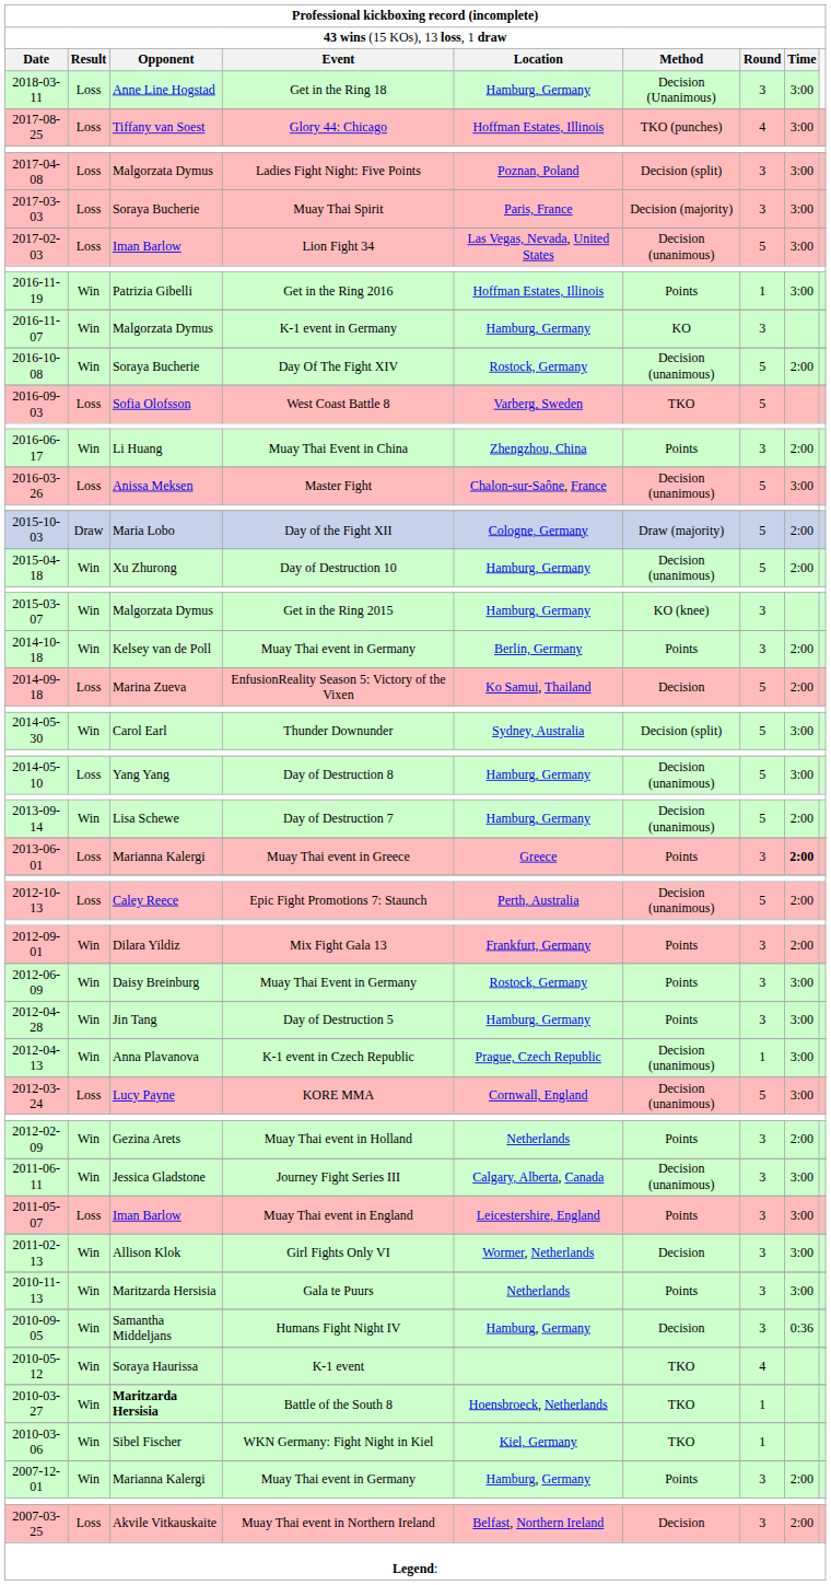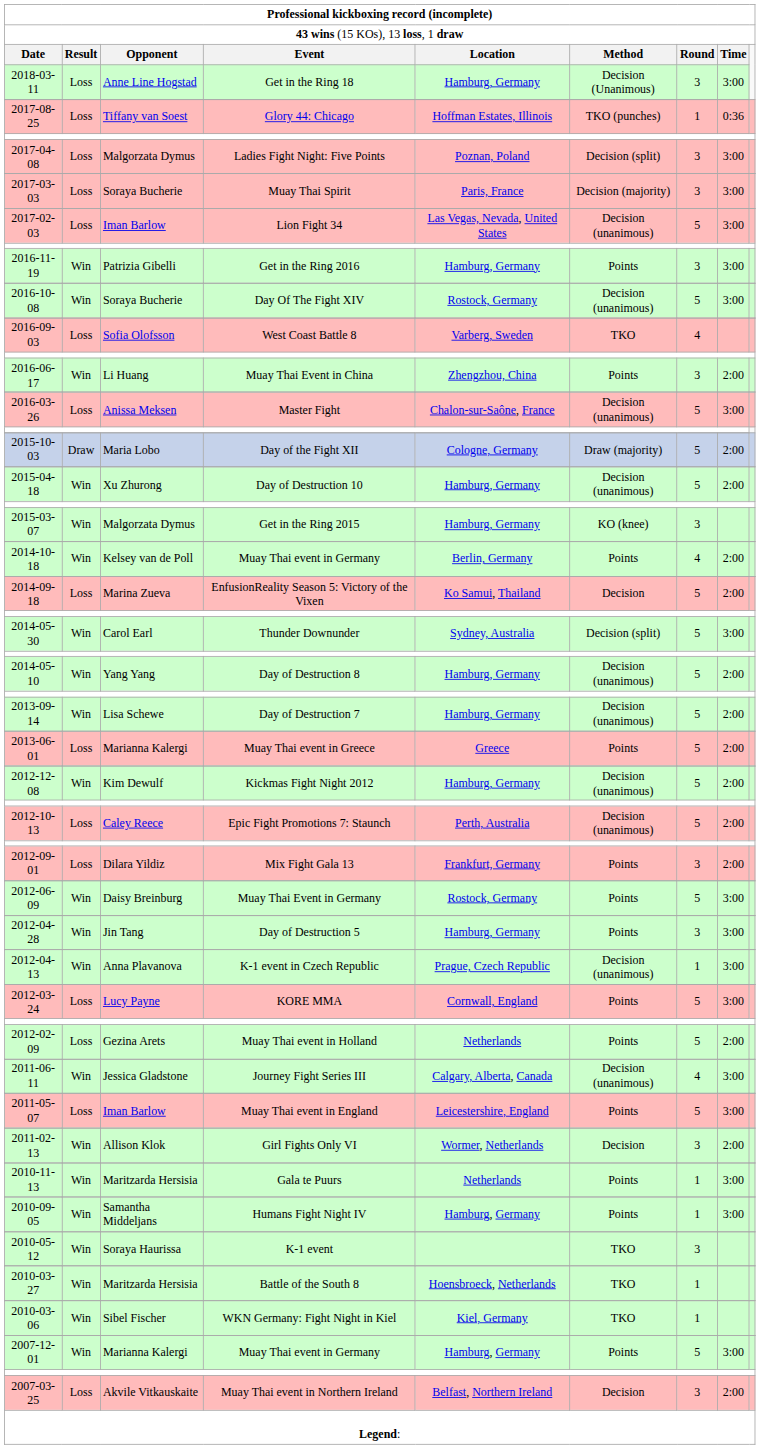 <table class="wikitable collapsible" style="font-size:88%; text-align:center; width:100%;">
 <tr>
 <th colspan=9 style="background:#fff">Professional kickboxing record (incomplete)</th>
 </tr>
 <tr>
 <td colspan=9 style="background:#fff"><strong>43 wins</strong> (15 KOs), 13 <strong>loss</strong>, 1 <strong>draw</strong></td>
 </tr>
 <tr>
 <th>Date</th>
 <th>Result</th>
 <th>Opponent</th>
 <th>Event</th>
 <th>Location</th>
 <th>Method</th>
 <th>Round</th>
 <th>Time</th>
 </tr>
 <tr style="text-align:center; background:#cfc;">
 <td>2018-03-11</td>
 <td>Loss</td>
 <td align=left> <a href='#'>Anne Line Hogstad</a></td>
 <td>Get in the Ring 18</td>
 <td><a href='#'>Hamburg, Germany</a></td>
 <td>Decision (Unanimous)</td>
 <td>3</td>
 <td>3:00</td>
 </tr>
 <tr>
 </tr>
 <tr style="background:#fbb;">
 <td>2017-08-25</td>
 <td>Loss</td>
 <td align=left> <a href='#'>Tiffany van Soest</a></td>
 <td><a href='#'>Glory 44: Chicago</a></td>
 <td><a href='#'>Hoffman Estates, Illinois</a></td>
 <td>TKO (punches)</td>
-<td>4</td>
-<td>3:00</td>
+<td>1</td>
+<td>0:36</td>
 <td></td>
 </tr>
 <tr>
 <th style=background:white colspan=9></th>
 </tr>
 <tr style="background:#fbb;">
 <td>2017-04-08</td>
 <td>Loss</td>
 <td align=left> Malgorzata Dymus</td>
 <td>Ladies Fight Night: Five Points</td>
 <td><a href='#'>Poznan, Poland</a></td>
 <td>Decision (split)</td>
 <td>3</td>
 <td>3:00</td>
 <td></td>
 </tr>
 <tr>
 </tr>
 <tr style="text-align:center; background:#fbb;">
 <td>2017-03-03</td>
 <td>Loss</td>
 <td align=left> Soraya Bucherie</td>
 <td>Muay Thai Spirit</td>
 <td><a href='#'>Paris, France</a></td>
 <td>Decision (majority)</td>
 <td>3</td>
 <td>3:00</td>
 <td></td>
 </tr>
 <tr>
 </tr>
 <tr style="text-align:center; background:#fbb;">
 <td>2017-02-03</td>
 <td>Loss</td>
 <td align=left> <a href='#'>Iman Barlow</a></td>
 <td>Lion Fight 34</td>
 <td><a href='#'>Las Vegas, Nevada</a>, <a href='#'>United States</a></td>
 <td>Decision (unanimous)</td>
 <td>5</td>
 <td>3:00</td>
 <td></td>
 </tr>
 <tr>
 <th style=background:white colspan=9></th>
 </tr>
 <tr style="background:#cfc;">
 <td>2016-11-19</td>
 <td>Win</td>
 <td align=left> Patrizia Gibelli</td>
 <td>Get in the Ring 2016</td>
-<td><a href='#'>Hoffman Estates, Illinois</a></td>
+<td><a href='#'>Hamburg, Germany</a></td>
 <td>Points</td>
-<td>1</td>
+<td>3</td>
 <td>3:00</td>
 <td></td>
 </tr>
 <tr>
-</tr>
-<tr style="background:#cfc;">
-<td>2016-11-07</td>
-<td>Win</td>
-<td align=left> Malgorzata Dymus</td>
-<td>K-1 event in Germany</td>
-<td><a href='#'>Hamburg, Germany</a></td>
-<td>KO</td>
-<td>3</td>
-<td></td>
-<td></td>
 </tr>
 <tr>
 </tr>
 <tr style="background:#cfc;">
 <td>2016-10-08</td>
 <td>Win</td>
 <td align=left> Soraya Bucherie</td>
 <td>Day Of The Fight XIV</td>
 <td><a href='#'>Rostock, Germany</a></td>
 <td>Decision (unanimous)</td>
 <td>5</td>
-<td>2:00</td>
+<td>3:00</td>
 <td></td>
 </tr>
 <tr>
 </tr>
 <tr style="text-align:center; background:#fbb;">
 <td>2016-09-03</td>
 <td>Loss</td>
 <td align=left> <a href='#'>Sofia Olofsson</a></td>
 <td>West Coast Battle 8</td>
 <td><a href='#'>Varberg, Sweden</a></td>
 <td>TKO</td>
-<td>5</td>
+<td>4</td>
 <td></td>
 <td></td>
 </tr>
 <tr>
 <th style=background:white colspan=9></th>
 </tr>
 <tr style="background:#cfc;">
 <td>2016-06-17</td>
 <td>Win</td>
 <td align=left> Li Huang</td>
 <td>Muay Thai Event in China</td>
 <td><a href='#'>Zhengzhou, China</a></td>
 <td>Points</td>
 <td>3</td>
 <td>2:00</td>
 <td></td>
 </tr>
 <tr>
 </tr>
 <tr style="background:#fbb;">
 <td>2016-03-26</td>
 <td>Loss</td>
 <td align=left> <a href='#'>Anissa Meksen</a></td>
 <td>Master Fight</td>
 <td><a href='#'>Chalon-sur-Saône</a>, <a href='#'>France</a></td>
 <td>Decision (unanimous)</td>
 <td>5</td>
 <td>3:00</td>
 <td></td>
 </tr>
 <tr>
 <th style=background:white colspan=8></th>
 </tr>
 <tr>
 </tr>
 <tr style="background:#c5d2ea;">
 <td>2015-10-03</td>
 <td>Draw</td>
 <td align=left> Maria Lobo</td>
 <td>Day of the Fight XII</td>
 <td><a href='#'>Cologne, Germany</a></td>
 <td>Draw (majority)</td>
 <td>5</td>
 <td>2:00</td>
 <td></td>
 </tr>
 <tr>
 </tr>
 <tr style="background:#cfc;">
 <td>2015-04-18</td>
 <td>Win</td>
 <td align=left> Xu Zhurong</td>
 <td>Day of Destruction 10</td>
 <td><a href='#'>Hamburg, Germany</a></td>
 <td>Decision (unanimous)</td>
 <td>5</td>
 <td>2:00</td>
 <td></td>
 </tr>
 <tr>
 <th style=background:white colspan=9></th>
 </tr>
 <tr style="background:#cfc;">
 <td>2015-03-07</td>
 <td>Win</td>
 <td align=left> Malgorzata Dymus</td>
 <td>Get in the Ring 2015</td>
 <td><a href='#'>Hamburg, Germany</a></td>
 <td>KO (knee)</td>
 <td>3</td>
 <td></td>
 <td></td>
 </tr>
 <tr>
 </tr>
 <tr style="background:#cfc;">
 <td>2014-10-18</td>
 <td>Win</td>
 <td align=left> Kelsey van de Poll</td>
 <td>Muay Thai event in Germany</td>
 <td><a href='#'>Berlin, Germany</a></td>
 <td>Points</td>
-<td>3</td>
+<td>4</td>
 <td>2:00</td>
 <td></td>
 </tr>
 <tr>
 </tr>
 <tr style="background:#fbb;">
 <td>2014-09-18</td>
 <td>Loss</td>
 <td align=left> Marina Zueva</td>
 <td>EnfusionReality Season 5: Victory of the Vixen</td>
 <td><a href='#'>Ko Samui</a>, <a href='#'>Thailand</a></td>
 <td>Decision</td>
 <td>5</td>
 <td>2:00</td>
 <td></td>
 </tr>
 <tr>
 <th style=background:white colspan=9></th>
 </tr>
 <tr style="background:#cfc;">
 <td>2014-05-30</td>
 <td>Win</td>
 <td align=left> Carol Earl</td>
 <td>Thunder Downunder</td>
 <td><a href='#'>Sydney, Australia</a></td>
 <td>Decision (split)</td>
 <td>5</td>
 <td>3:00</td>
 <td></td>
 </tr>
 <tr>
 <th style=background:white colspan=9></th>
 </tr>
 <tr style="background:#cfc;">
 <td>2014-05-10</td>
-<td>Loss</td>
+<td>Win</td>
 <td align=left> Yang Yang</td>
 <td>Day of Destruction 8</td>
 <td><a href='#'>Hamburg, Germany</a></td>
 <td>Decision (unanimous)</td>
 <td>5</td>
-<td>3:00</td>
+<td>2:00</td>
 <td></td>
 </tr>
 <tr>
 <th style=background:white colspan=9></th>
 </tr>
 <tr style="background:#cfc;">
 <td>2013-09-14</td>
 <td>Win</td>
 <td align=left> Lisa Schewe</td>
 <td>Day of Destruction 7</td>
 <td><a href='#'>Hamburg, Germany</a></td>
 <td>Decision (unanimous)</td>
 <td>5</td>
 <td>2:00</td>
 <td></td>
 </tr>
 <tr>
 </tr>
 <tr style="background:#fbb;">
 <td>2013-06-01</td>
 <td>Loss</td>
 <td align=left> Marianna Kalergi</td>
 <td>Muay Thai event in Greece</td>
 <td><a href='#'>Greece</a></td>
 <td>Points</td>
-<td>3</td>
-<td><strong>2:00</strong></td>
+<td>5</td>
+<td>2:00</td>
 <td></td>
 </tr>
 <tr>
+</tr>
+<tr style="background:#cfc;">
+<td>2012-12-08</td>
+<td>Win</td>
+<td align=left> Kim Dewulf</td>
+<td>Kickmas Fight Night 2012</td>
+<td><a href='#'>Hamburg, Germany</a></td>
+<td>Decision (unanimous)</td>
+<td>5</td>
+<td>2:00</td>
+<td></td>
 </tr>
 <tr>
 <th style=background:white colspan=9></th>
 </tr>
 <tr align="center" bgcolor="#fbb">
 <td>2012-10-13</td>
 <td>Loss</td>
 <td align=left> <a href='#'>Caley Reece</a></td>
 <td>Epic Fight Promotions 7: Staunch</td>
 <td><a href='#'>Perth, Australia</a></td>
 <td>Decision (unanimous)</td>
 <td>5</td>
 <td>2:00</td>
 <td></td>
 </tr>
 <tr>
 <th style=background:white colspan=9></th>
 </tr>
 <tr style="background:#fbb;">
 <td>2012-09-01</td>
-<td>Win</td>
+<td>Loss</td>
 <td align=left> Dilara Yildiz</td>
 <td>Mix Fight Gala 13</td>
 <td><a href='#'>Frankfurt, Germany</a></td>
 <td>Points</td>
 <td>3</td>
 <td>2:00</td>
 <td></td>
 </tr>
 <tr>
 </tr>
 <tr style="background:#cfc;">
 <td>2012-06-09</td>
 <td>Win</td>
 <td align=left> Daisy Breinburg</td>
 <td>Muay Thai Event in Germany</td>
 <td><a href='#'>Rostock, Germany</a></td>
 <td>Points</td>
-<td>3</td>
+<td>5</td>
 <td>3:00</td>
 <td></td>
 </tr>
 <tr>
 </tr>
 <tr style="background:#cfc;">
 <td>2012-04-28</td>
 <td>Win</td>
 <td align=left> Jin Tang</td>
 <td>Day of Destruction 5</td>
 <td><a href='#'>Hamburg, Germany</a></td>
 <td>Points</td>
 <td>3</td>
 <td>3:00</td>
 <td></td>
 </tr>
 <tr>
 </tr>
 <tr style="background:#cfc;">
 <td>2012-04-13</td>
 <td>Win</td>
 <td align=left> Anna Plavanova</td>
 <td>K-1 event in Czech Republic</td>
 <td><a href='#'>Prague, Czech Republic</a></td>
 <td>Decision (unanimous)</td>
 <td>1</td>
 <td>3:00</td>
 <td></td>
 </tr>
 <tr>
 </tr>
 <tr style="background:#fbb;">
 <td>2012-03-24</td>
 <td>Loss</td>
 <td align=left> <a href='#'>Lucy Payne</a></td>
 <td>KORE MMA</td>
 <td><a href='#'>Cornwall, England</a></td>
-<td>Decision (unanimous)</td>
+<td>Points</td>
 <td>5</td>
 <td>3:00</td>
 <td></td>
 </tr>
 <tr>
 <th style=background:white colspan=9></th>
 </tr>
 <tr style="background:#cfc;">
 <td>2012-02-09</td>
-<td>Win</td>
+<td>Loss</td>
 <td align=left> Gezina Arets</td>
 <td>Muay Thai event in Holland</td>
 <td><a href='#'>Netherlands</a></td>
 <td>Points</td>
-<td>3</td>
+<td>5</td>
 <td>2:00</td>
 <td></td>
 </tr>
 <tr>
 </tr>
 <tr style="text-align:center; background:#cfc;">
 <td>2011-06-11</td>
 <td>Win</td>
 <td align=left> Jessica Gladstone</td>
 <td>Journey Fight Series III</td>
 <td><a href='#'>Calgary, Alberta</a>, <a href='#'>Canada</a></td>
 <td>Decision (unanimous)</td>
-<td>3</td>
+<td>4</td>
 <td>3:00</td>
 <td></td>
 </tr>
 <tr>
 </tr>
 <tr style="background:#fbb;">
 <td>2011-05-07</td>
 <td>Loss</td>
 <td align=left> <a href='#'>Iman Barlow</a></td>
 <td>Muay Thai event in England</td>
 <td><a href='#'>Leicestershire, England</a></td>
 <td>Points</td>
-<td>3</td>
+<td>5</td>
 <td>3:00</td>
 <td></td>
 </tr>
 <tr>
 </tr>
 <tr style="background:#cfc;">
 <td>2011-02-13</td>
 <td>Win</td>
 <td align=left> Allison Klok</td>
 <td>Girl Fights Only VI</td>
 <td><a href='#'>Wormer</a>, <a href='#'>Netherlands</a></td>
 <td>Decision</td>
 <td>3</td>
-<td>3:00</td>
+<td>2:00</td>
 <td></td>
 </tr>
 <tr>
 </tr>
 <tr style="background:#cfc;">
 <td>2010-11-13</td>
 <td>Win</td>
 <td align=left> Maritzarda Hersisia</td>
 <td>Gala te Puurs</td>
 <td><a href='#'>Netherlands</a></td>
 <td>Points</td>
-<td>3</td>
+<td>1</td>
 <td>3:00</td>
 <td></td>
 </tr>
 <tr>
 </tr>
 <tr style="background:#cfc;">
 <td>2010-09-05</td>
 <td>Win</td>
 <td align=left> Samantha Middeljans</td>
 <td>Humans Fight Night IV</td>
 <td><a href='#'>Hamburg</a>, <a href='#'>Germany</a></td>
-<td>Decision</td>
-<td>3</td>
-<td>0:36</td>
+<td>Points</td>
+<td>1</td>
+<td>3:00</td>
 <td></td>
 </tr>
 <tr>
 </tr>
 <tr style="background:#cfc;">
 <td>2010-05-12</td>
 <td>Win</td>
 <td align=left> Soraya Haurissa</td>
 <td>K-1 event</td>
 <td></td>
 <td>TKO</td>
-<td>4</td>
+<td>3</td>
 <td></td>
 <td></td>
 </tr>
 <tr>
 </tr>
 <tr style="background:#cfc;">
 <td>2010-03-27</td>
 <td>Win</td>
-<td align=left><strong> Maritzarda Hersisia</strong></td>
+<td align=left> Maritzarda Hersisia</td>
 <td>Battle of the South 8</td>
 <td><a href='#'>Hoensbroeck</a>, <a href='#'>Netherlands</a></td>
 <td>TKO</td>
 <td>1</td>
 <td></td>
 <td></td>
 </tr>
 <tr>
 </tr>
 <tr style="background:#cfc;">
 <td>2010-03-06</td>
 <td>Win</td>
 <td align=left> Sibel Fischer</td>
 <td>WKN Germany: Fight Night in Kiel</td>
 <td><a href='#'>Kiel, Germany</a></td>
 <td>TKO</td>
 <td>1</td>
 <td></td>
 <td></td>
 </tr>
 <tr>
 </tr>
 <tr style="background:#cfc;">
 <td>2007-12-01</td>
 <td>Win</td>
 <td align=left> Marianna Kalergi</td>
 <td>Muay Thai event in Germany</td>
 <td><a href='#'>Hamburg</a>, <a href='#'>Germany</a></td>
 <td>Points</td>
-<td>3</td>
-<td>2:00</td>
+<td>5</td>
+<td>3:00</td>
 <td></td>
 </tr>
 <tr>
 <th style=background:white colspan=9></th>
 </tr>
 <tr style="background:#fbb;">
 <td>2007-03-25</td>
 <td>Loss</td>
 <td align=left> Akvile Vitkauskaite</td>
 <td>Muay Thai event in Northern Ireland</td>
 <td><a href='#'>Belfast</a>, <a href='#'>Northern Ireland</a></td>
 <td>Decision</td>
 <td>3</td>
 <td>2:00</td>
 <td></td>
 </tr>
 <tr>
 <td colspan=9 style="background:#fff"><br><strong>Legend</strong>:    </td>
 </tr>
 </table>
